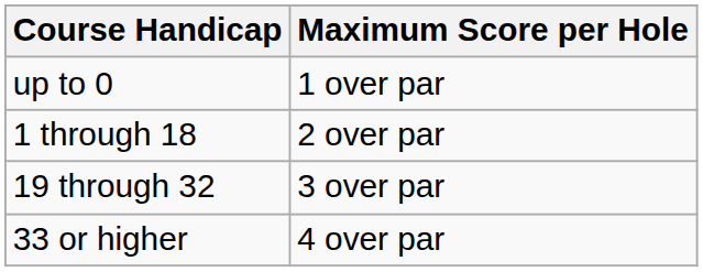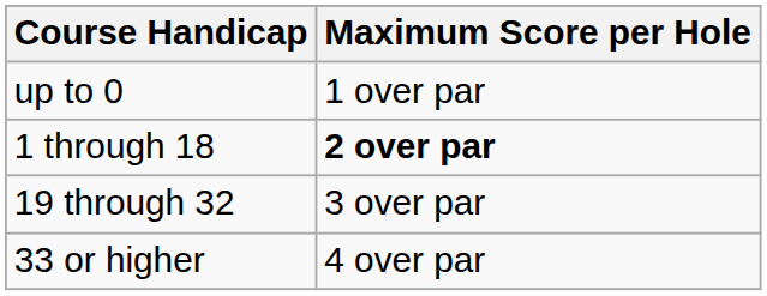 <table class="wikitable">
 <tr>
 <th>Course Handicap</th>
 <th>Maximum Score per Hole</th>
 </tr>
 <tr>
 <td>up to 0</td>
 <td>1 over par</td>
 </tr>
 <tr>
 <td>1 through 18</td>
-<td>2 over par</td>
+<td><strong>2 over par</strong></td>
 </tr>
 <tr>
 <td>19 through 32</td>
 <td>3 over par</td>
 </tr>
 <tr>
 <td>33 or higher</td>
 <td>4 over par</td>
 </tr>
 </table>
